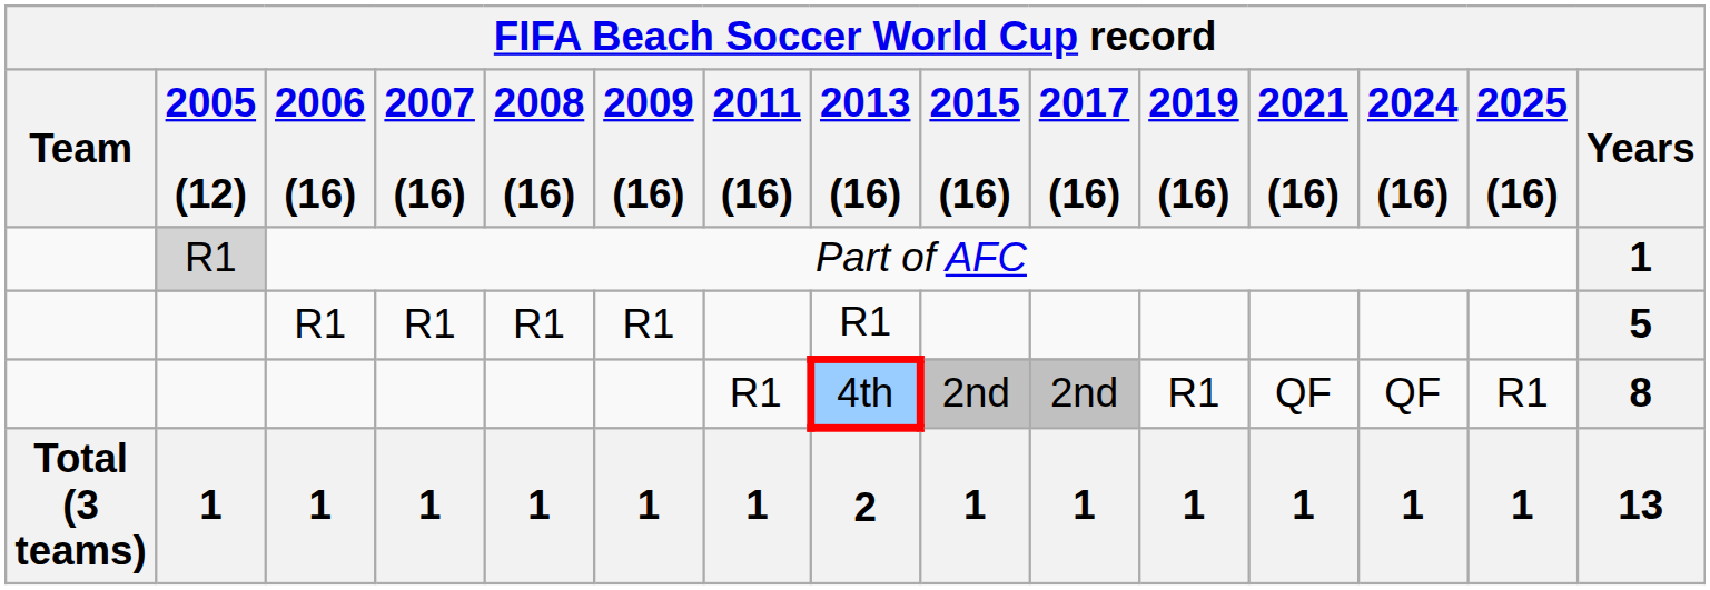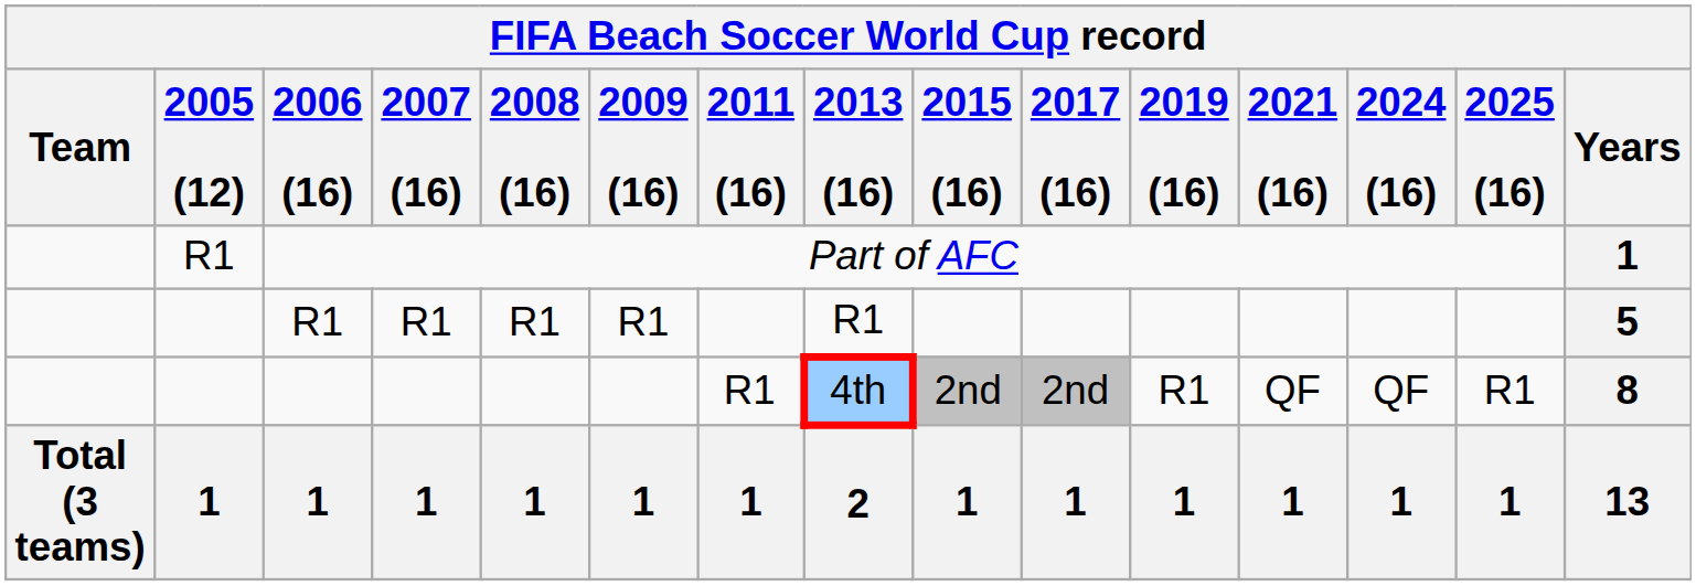 <table class="wikitable" style="text-align:center">
 <tr>
 <th colspan=15><a href='#'>FIFA Beach Soccer World Cup</a> record</th>
 </tr>
 <tr>
 <th>Team</th>
 <th><a href='#'>2005</a><br><br>(12)</th>
 <th><a href='#'>2006</a><br><br>(16)</th>
 <th><a href='#'>2007</a><br><br>(16)</th>
 <th><a href='#'>2008</a><br><br>(16)</th>
 <th><a href='#'>2009</a><br><br>(16)</th>
 <th><a href='#'>2011</a><br><br>(16)</th>
 <th><a href='#'>2013</a><br><br>(16)</th>
 <th><a href='#'>2015</a><br><br>(16)</th>
 <th><a href='#'>2017</a><br><br>(16)</th>
 <th><a href='#'>2019</a><br><br>(16)</th>
 <th><a href='#'>2021</a><br><br>(16)</th>
 <th><a href='#'>2024</a><br><br>(16)</th>
 <th><a href='#'>2025</a><br><br>(16)</th>
 <th>Years</th>
 </tr>
 <tr>
 <td style="text-align:left"></td>
-<td style="background: lightgrey;">R1</td>
+<td>R1</td>
 <td colspan=12><em>Part of <a href='#'>AFC</a></em></td>
 <th>1</th>
 </tr>
 <tr>
 <td style="text-align:left"></td>
 <td></td>
 <td>R1</td>
 <td>R1</td>
 <td>R1</td>
 <td>R1</td>
 <td></td>
 <td>R1</td>
 <td></td>
 <td></td>
 <td></td>
 <td></td>
 <td></td>
 <td></td>
 <th>5</th>
 </tr>
 <tr>
 <td style="text-align:left"></td>
 <td></td>
 <td></td>
 <td></td>
 <td></td>
 <td></td>
 <td>R1</td>
 <td style="border:3px solid red; background:#9acdff;">4th</td>
 <td style="background:silver;">2nd</td>
 <td style="background:silver;">2nd</td>
 <td>R1</td>
 <td>QF</td>
 <td>QF</td>
 <td>R1</td>
 <th>8</th>
 </tr>
 <tr>
 <th>Total (3 teams)</th>
 <th>1</th>
 <th>1</th>
 <th>1</th>
 <th>1</th>
 <th>1</th>
 <th>1</th>
 <th>2</th>
 <th>1</th>
 <th>1</th>
 <th>1</th>
 <th>1</th>
 <th>1</th>
 <th>1</th>
 <th>13</th>
 </tr>
 </table>
